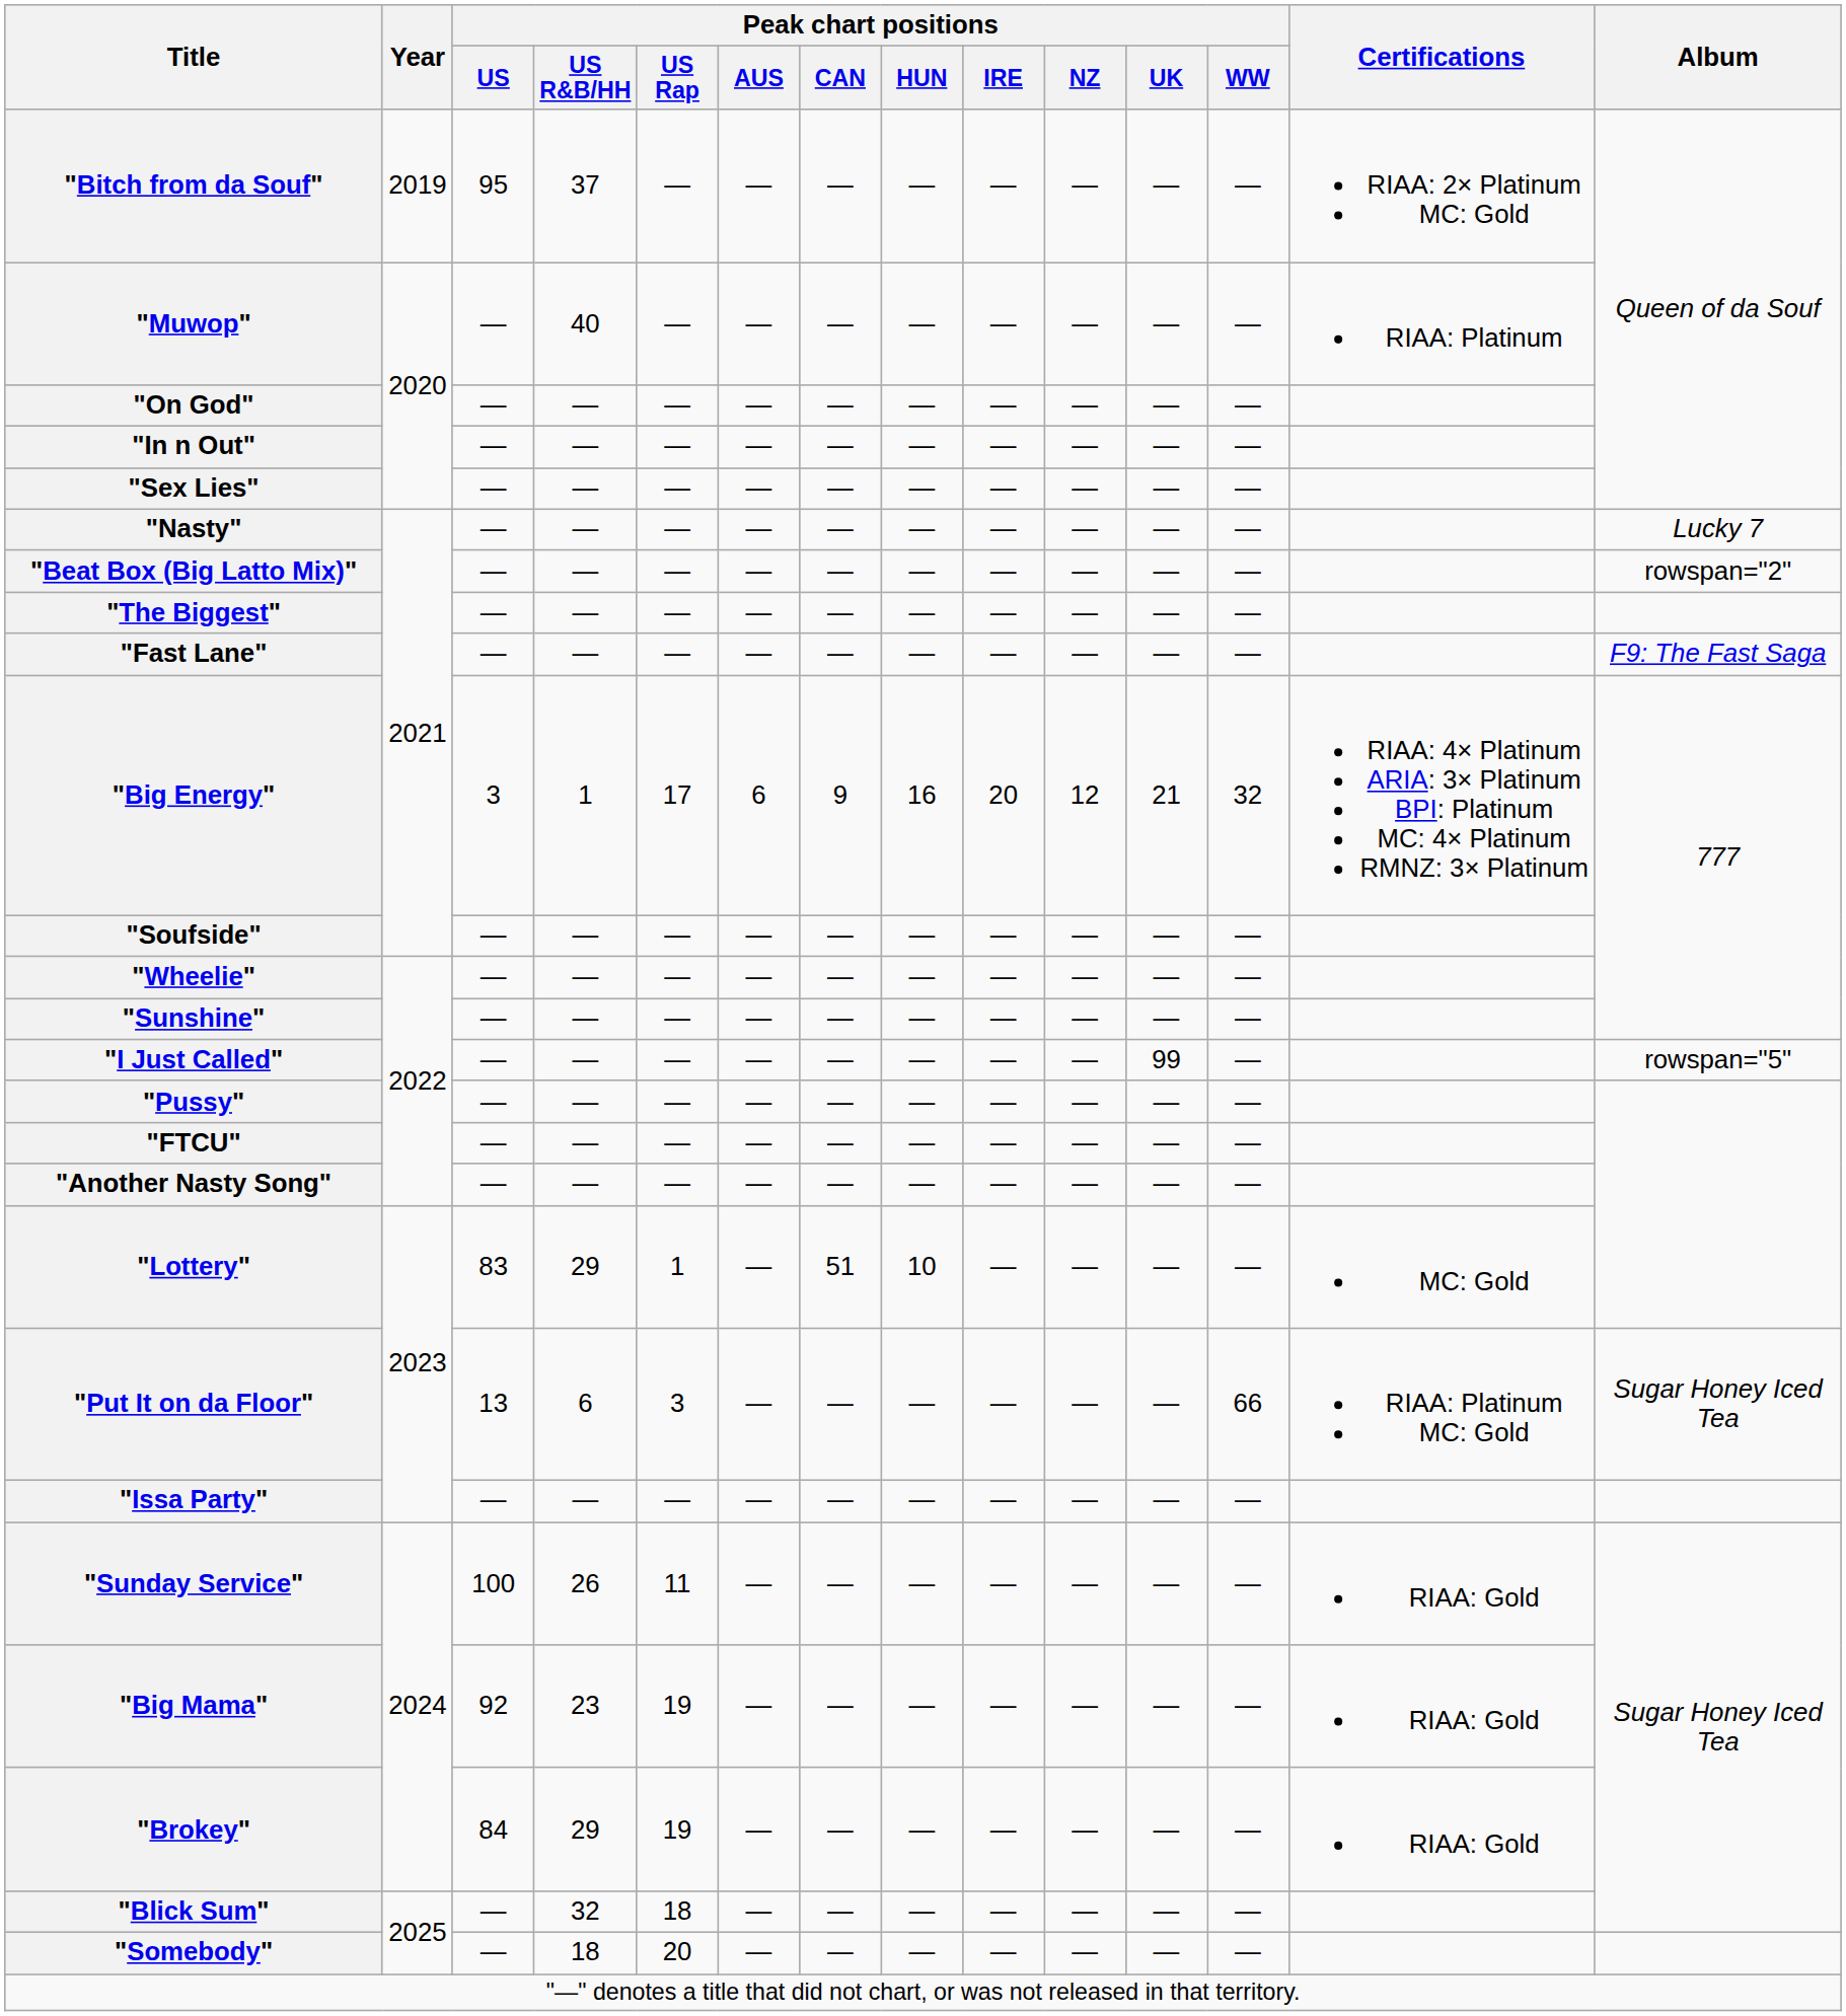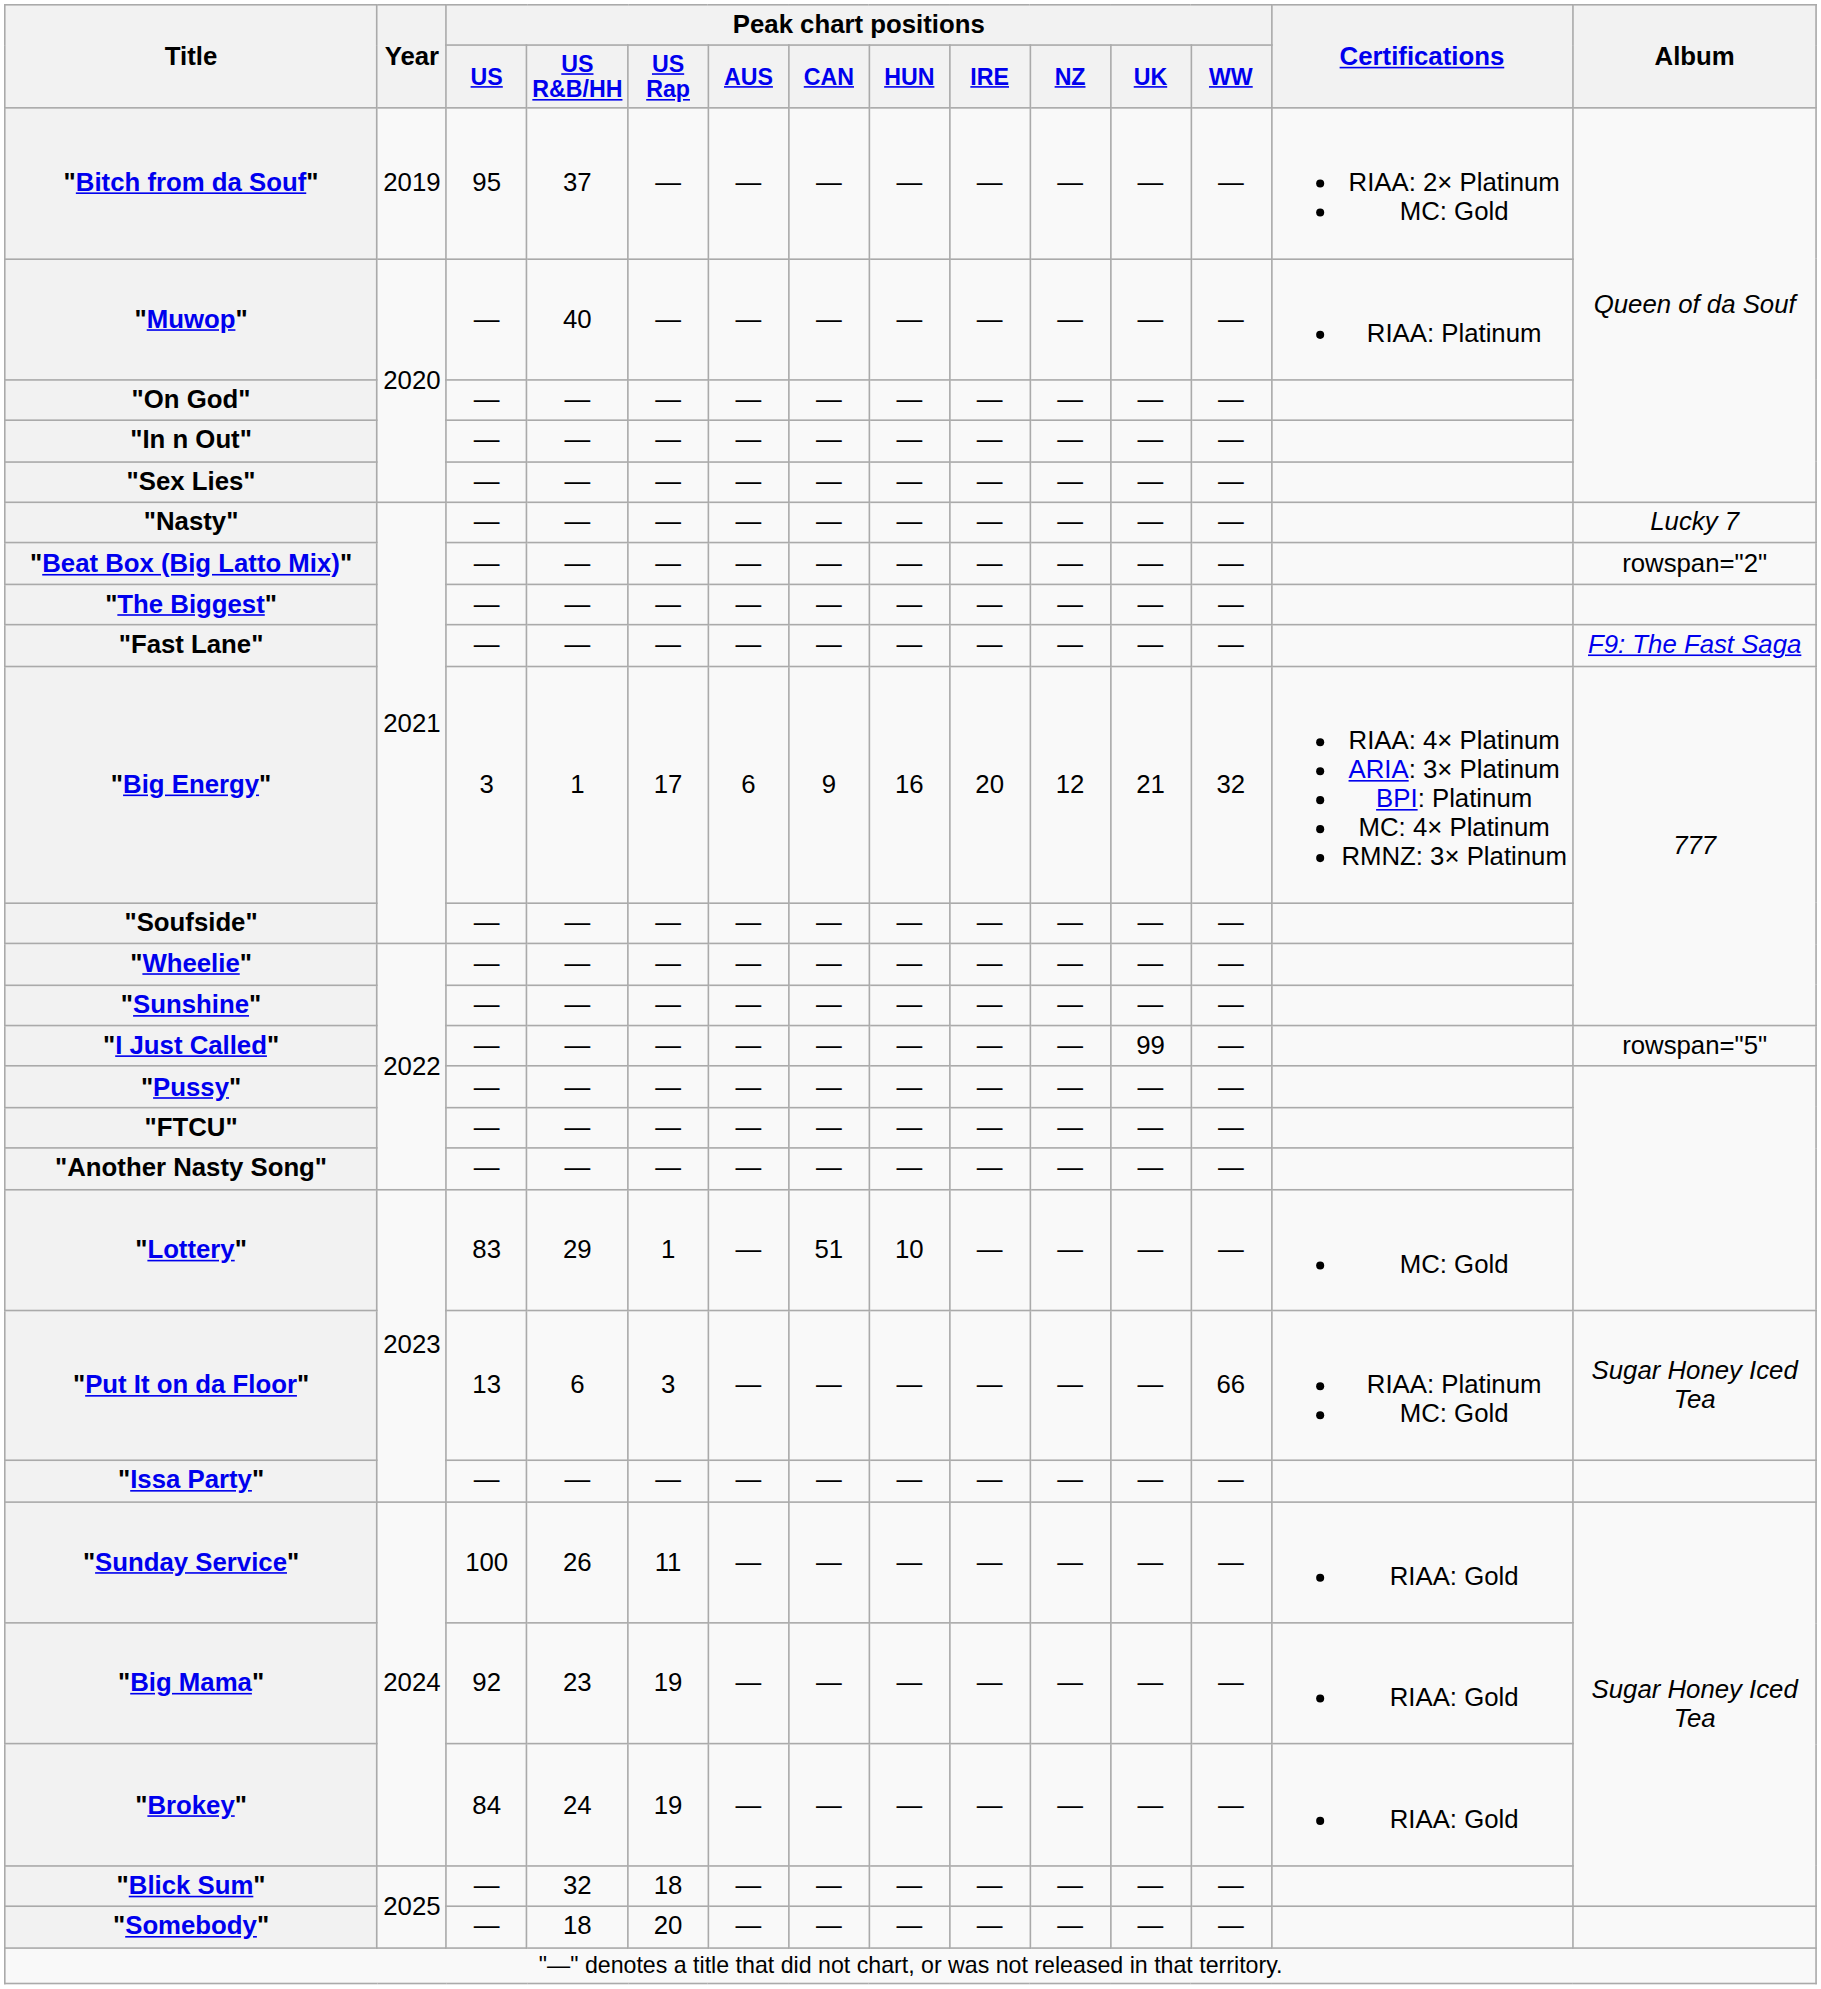 <table class="wikitable plainrowheaders" style="text-align:center;">
 <tr>
 <th scope="col" rowspan="2" style="width:14em;">Title</th>
 <th scope="col" rowspan="2" style="width:1em;">Year</th>
 <th scope="col" colspan="10">Peak chart positions</th>
 <th scope="col" rowspan="2"><a href='#'>Certifications</a></th>
 <th scope="col" rowspan="2" style="width:9em;">Album</th>
 </tr>
 <tr>
 <th scope="col" style="width:3em;font-size:90%;"><a href='#'>US</a><br></th>
 <th scope="col" style="width:3em;font-size:90%;"><a href='#'>US<br>R&B/HH</a><br></th>
 <th scope="col" style="width:3em;font-size:90%;"><a href='#'>US<br>Rap</a><br></th>
 <th scope="col" style="width:3em;font-size:90%;"><a href='#'>AUS</a><br></th>
 <th scope="col" style="width:3em;font-size:90%;"><a href='#'>CAN</a><br></th>
 <th scope="col" style="width:3em;font-size:90%;"><a href='#'>HUN</a><br></th>
 <th scope="col" style="width:3em;font-size:90%;"><a href='#'>IRE</a><br></th>
 <th scope="col" style="width:3em;font-size:90%;"><a href='#'>NZ</a><br></th>
 <th scope="col" style="width:3em;font-size:90%;"><a href='#'>UK</a><br></th>
 <th scope="col" style="width:3em;font-size:90%;"><a href='#'>WW</a><br></th>
 </tr>
 <tr>
 <th scope="row">"<a href='#'>Bitch from da Souf</a>"<br></th>
 <td>2019</td>
 <td>95</td>
 <td>37</td>
 <td>—</td>
 <td>—</td>
 <td>—</td>
 <td>—</td>
 <td>—</td>
 <td>—</td>
 <td>—</td>
 <td>—</td>
 <td><br><ul><li>RIAA: 2× Platinum</li><li>MC: Gold</li></ul></td>
 <td rowspan="5"><em>Queen of da Souf</em></td>
 </tr>
 <tr>
 <th scope="row">"<a href='#'>Muwop</a>"<br></th>
 <td rowspan="4">2020</td>
 <td>—</td>
 <td>40</td>
 <td>—</td>
 <td>—</td>
 <td>—</td>
 <td>—</td>
 <td>—</td>
 <td>—</td>
 <td>—</td>
 <td>—</td>
 <td><br><ul><li>RIAA: Platinum</li></ul></td>
 </tr>
 <tr>
 <th scope="row">"On God"</th>
 <td>—</td>
 <td>—</td>
 <td>—</td>
 <td>—</td>
 <td>—</td>
 <td>—</td>
 <td>—</td>
 <td>—</td>
 <td>—</td>
 <td>—</td>
 <td></td>
 </tr>
 <tr>
 <th scope="row">"In n Out"<br></th>
 <td>—</td>
 <td>—</td>
 <td>—</td>
 <td>—</td>
 <td>—</td>
 <td>—</td>
 <td>—</td>
 <td>—</td>
 <td>—</td>
 <td>—</td>
 <td></td>
 </tr>
 <tr>
 <th scope="row">"Sex Lies"<br></th>
 <td>—</td>
 <td>—</td>
 <td>—</td>
 <td>—</td>
 <td>—</td>
 <td>—</td>
 <td>—</td>
 <td>—</td>
 <td>—</td>
 <td>—</td>
 <td></td>
 </tr>
 <tr>
 <th scope="row">"Nasty"<br></th>
 <td rowspan="6">2021</td>
 <td>—</td>
 <td>—</td>
 <td>—</td>
 <td>—</td>
 <td>—</td>
 <td>—</td>
 <td>—</td>
 <td>—</td>
 <td>—</td>
 <td>—</td>
 <td></td>
 <td><em>Lucky 7</em></td>
 </tr>
 <tr>
 <th scope="row">"<a href='#'>Beat Box (Big Latto Mix)</a>"<br></th>
 <td>—</td>
 <td>—</td>
 <td>—</td>
 <td>—</td>
 <td>—</td>
 <td>—</td>
 <td>—</td>
 <td>—</td>
 <td>—</td>
 <td>—</td>
 <td></td>
 <td>rowspan="2" </td>
 </tr>
 <tr>
 <th scope="row">"<a href='#'>The Biggest</a>"</th>
 <td>—</td>
 <td>—</td>
 <td>—</td>
 <td>—</td>
 <td>—</td>
 <td>—</td>
 <td>—</td>
 <td>—</td>
 <td>—</td>
 <td>—</td>
 <td></td>
 </tr>
 <tr>
 <th scope="row">"Fast Lane"<br></th>
 <td>—</td>
 <td>—</td>
 <td>—</td>
 <td>—</td>
 <td>—</td>
 <td>—</td>
 <td>—</td>
 <td>—</td>
 <td>—</td>
 <td>—</td>
 <td></td>
 <td><em><a href='#'>F9: The Fast Saga</a></em></td>
 </tr>
 <tr>
 <th scope="row">"<a href='#'>Big Energy</a>"<br></th>
 <td>3</td>
 <td>1</td>
 <td>17</td>
 <td>6</td>
 <td>9</td>
 <td>16</td>
 <td>20</td>
 <td>12</td>
 <td>21</td>
 <td>32</td>
 <td><br><ul><li>RIAA: 4× Platinum</li><li><a href='#'>ARIA</a>: 3× Platinum</li><li><a href='#'>BPI</a>: Platinum</li><li>MC: 4× Platinum</li><li>RMNZ: 3× Platinum</li></ul></td>
 <td rowspan="4"><em>777</em></td>
 </tr>
 <tr>
 <th scope="row">"Soufside"</th>
 <td>—</td>
 <td>—</td>
 <td>—</td>
 <td>—</td>
 <td>—</td>
 <td>—</td>
 <td>—</td>
 <td>—</td>
 <td>—</td>
 <td>—</td>
 <td></td>
 </tr>
 <tr>
 <th scope="row">"<a href='#'>Wheelie</a>"<br></th>
 <td rowspan="6">2022</td>
 <td>—</td>
 <td>—</td>
 <td>—</td>
 <td>—</td>
 <td>—</td>
 <td>—</td>
 <td>—</td>
 <td>—</td>
 <td>—</td>
 <td>—</td>
 <td></td>
 </tr>
 <tr>
 <th scope="row">"<a href='#'>Sunshine</a>"<br></th>
 <td>—</td>
 <td>—</td>
 <td>—</td>
 <td>—</td>
 <td>—</td>
 <td>—</td>
 <td>—</td>
 <td>—</td>
 <td>—</td>
 <td>—</td>
 <td></td>
 </tr>
 <tr>
 <th scope="row">"<a href='#'>I Just Called</a>"<br></th>
 <td>—</td>
 <td>—</td>
 <td>—</td>
 <td>—</td>
 <td>—</td>
 <td>—</td>
 <td>—</td>
 <td>—</td>
 <td>99</td>
 <td>—</td>
 <td></td>
 <td>rowspan="5" </td>
 </tr>
 <tr>
 <th scope="row">"<a href='#'>Pussy</a>"</th>
 <td>—</td>
 <td>—</td>
 <td>—</td>
 <td>—</td>
 <td>—</td>
 <td>—</td>
 <td>—</td>
 <td>—</td>
 <td>—</td>
 <td>—</td>
 <td></td>
 </tr>
 <tr>
 <th scope="row">"FTCU"<br></th>
 <td>—</td>
 <td>—</td>
 <td>—</td>
 <td>—</td>
 <td>—</td>
 <td>—</td>
 <td>—</td>
 <td>—</td>
 <td>—</td>
 <td>—</td>
 <td></td>
 </tr>
 <tr>
 <th scope="row">"Another Nasty Song"</th>
 <td>—</td>
 <td>—</td>
 <td>—</td>
 <td>—</td>
 <td>—</td>
 <td>—</td>
 <td>—</td>
 <td>—</td>
 <td>—</td>
 <td>—</td>
 <td></td>
 </tr>
 <tr>
 <th scope="row">"<a href='#'>Lottery</a>"<br></th>
 <td rowspan="3">2023</td>
 <td>83</td>
 <td>29</td>
 <td>1</td>
 <td>—</td>
 <td>51</td>
 <td>10</td>
 <td>—</td>
 <td>—</td>
 <td>—</td>
 <td>—</td>
 <td><br><ul><li>MC: Gold</li></ul></td>
 </tr>
 <tr>
 <th scope="row">"<a href='#'>Put It on da Floor</a>"<br></th>
 <td>13</td>
 <td>6</td>
 <td>3</td>
 <td>—</td>
 <td>—</td>
 <td>—</td>
 <td>—</td>
 <td>—</td>
 <td>—</td>
 <td>66</td>
 <td><br><ul><li>RIAA: Platinum</li><li>MC: Gold</li></ul></td>
 <td><em>Sugar Honey Iced Tea</em></td>
 </tr>
 <tr>
 <th scope="row">"<a href='#'>Issa Party</a>"<br></th>
 <td>—</td>
 <td>—</td>
 <td>—</td>
 <td>—</td>
 <td>—</td>
 <td>—</td>
 <td>—</td>
 <td>—</td>
 <td>—</td>
 <td>—</td>
 <td></td>
 <td></td>
 </tr>
 <tr>
 <th scope="row">"<a href='#'>Sunday Service</a>"<br></th>
 <td rowspan="3">2024</td>
 <td>100</td>
 <td>26</td>
 <td>11</td>
 <td>—</td>
 <td>—</td>
 <td>—</td>
 <td>—</td>
 <td>—</td>
 <td>—</td>
 <td>—</td>
 <td><br><ul><li>RIAA: Gold</li></ul></td>
 <td rowspan="4"><em>Sugar Honey Iced Tea</em></td>
 </tr>
 <tr>
 <th scope="row">"<a href='#'>Big Mama</a>"</th>
 <td>92</td>
 <td>23</td>
 <td>19</td>
 <td>—</td>
 <td>—</td>
 <td>—</td>
 <td>—</td>
 <td>—</td>
 <td>—</td>
 <td>—</td>
 <td><br><ul><li>RIAA: Gold</li></ul></td>
 </tr>
 <tr>
 <th scope="row">"<a href='#'>Brokey</a>"</th>
 <td>84</td>
-<td>29</td>
+<td>24</td>
 <td>19</td>
 <td>—</td>
 <td>—</td>
 <td>—</td>
 <td>—</td>
 <td>—</td>
 <td>—</td>
 <td>—</td>
 <td><br><ul><li>RIAA: Gold</li></ul></td>
 </tr>
 <tr>
 <th scope="row">"<a href='#'>Blick Sum</a>"<br></th>
 <td rowspan="2">2025</td>
 <td>—</td>
 <td>32</td>
 <td>18</td>
 <td>—</td>
 <td>—</td>
 <td>—</td>
 <td>—</td>
 <td>—</td>
 <td>—</td>
 <td>—</td>
 <td></td>
 </tr>
 <tr>
 <th scope="row">"<a href='#'>Somebody</a>"</th>
 <td>—</td>
 <td>18</td>
 <td>20</td>
 <td>—</td>
 <td>—</td>
 <td>—</td>
 <td>—</td>
 <td>—</td>
 <td>—</td>
 <td>—</td>
 <td></td>
 <td></td>
 </tr>
 <tr>
 <td colspan="14" style="font-size:90%">"—" denotes a title that did not chart, or was not released in that territory.</td>
 </tr>
 </table>
